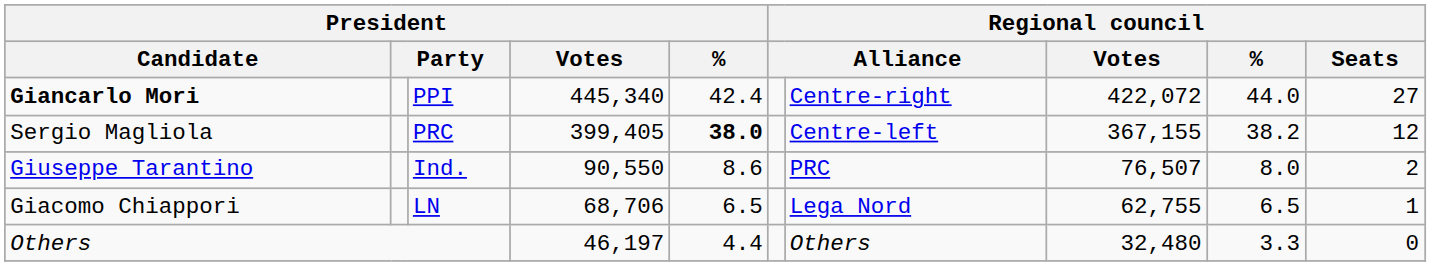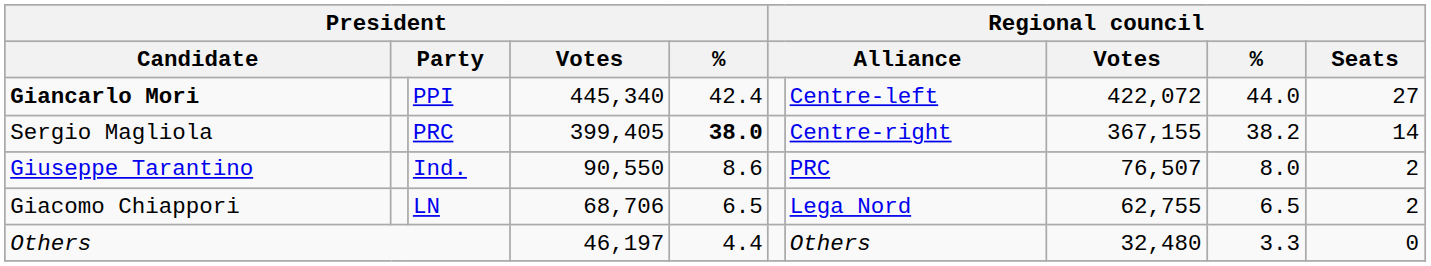 <table class="wikitable" style="text-align:right; style="width=65%">
 <tr>
 <th colspan="5">President</th>
 <th colspan="7">Regional council</th>
 </tr>
 <tr>
 <th>Candidate</th>
 <th colspan="2">Party</th>
 <th>Votes</th>
 <th>%</th>
 <th colspan="2">Alliance</th>
 <th>Votes</th>
 <th>%</th>
 <th>Seats</th>
 </tr>
 <tr>
 <td style="text-align:left"><strong>Giancarlo Mori</strong></td>
 <td></td>
 <td style="text-align:left"><a href='#'>PPI</a></td>
 <td>445,340</td>
 <td>42.4</td>
 <td></td>
-<td style="text-align:left"><a href='#'>Centre-right</a></td>
+<td style="text-align:left"><a href='#'>Centre-left</a></td>
 <td>422,072</td>
 <td>44.0</td>
 <td>27</td>
 </tr>
 <tr>
 <td style="text-align:left">Sergio Magliola</td>
 <td></td>
 <td style="text-align:left"><a href='#'>PRC</a></td>
 <td>399,405</td>
 <td><strong>38.0</strong></td>
 <td></td>
-<td style="text-align:left"><a href='#'>Centre-left</a></td>
+<td style="text-align:left"><a href='#'>Centre-right</a></td>
 <td>367,155</td>
 <td>38.2</td>
-<td>12</td>
+<td>14</td>
 </tr>
 <tr>
 <td style="text-align:left"><a href='#'>Giuseppe Tarantino</a></td>
 <td></td>
 <td style="text-align:left"><a href='#'>Ind.</a></td>
 <td>90,550</td>
 <td>8.6</td>
 <td></td>
 <td style="text-align:left"><a href='#'>PRC</a></td>
 <td>76,507</td>
 <td>8.0</td>
 <td>2</td>
 </tr>
 <tr>
 <td style="text-align:left">Giacomo Chiappori</td>
 <td></td>
 <td style="text-align:left"><a href='#'>LN</a></td>
 <td>68,706</td>
 <td>6.5</td>
 <td></td>
 <td style="text-align:left"><a href='#'>Lega Nord</a></td>
 <td>62,755</td>
 <td>6.5</td>
-<td>1</td>
+<td>2</td>
 </tr>
 <tr>
 <td colspan="3" style="text-align:left"><em>Others</em></td>
 <td>46,197</td>
 <td>4.4</td>
 <td></td>
 <td style="text-align:left"><em>Others</em></td>
 <td>32,480</td>
 <td>3.3</td>
 <td>0</td>
 </tr>
 </table>
